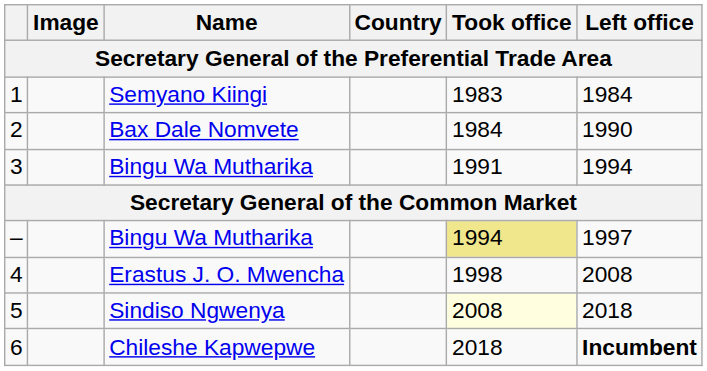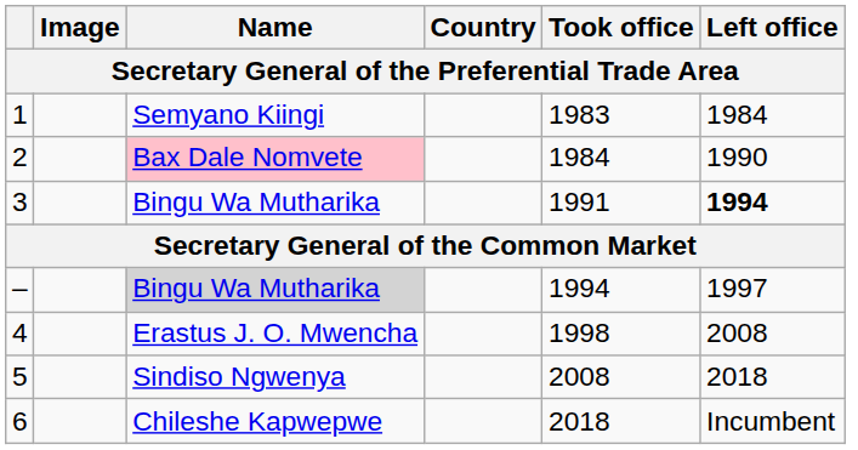 <table class="wikitable">
 <tr>
 <th></th>
 <th>Image</th>
 <th>Name</th>
 <th>Country</th>
 <th>Took office</th>
 <th>Left office</th>
 </tr>
 <tr>
 <th align=center colspan=6>Secretary General of the Preferential Trade Area</th>
 </tr>
 <tr>
 <td>1</td>
 <td></td>
 <td><a href='#'>Semyano Kiingi</a></td>
 <td></td>
 <td>1983</td>
 <td>1984</td>
 </tr>
 <tr>
 <td>2</td>
 <td></td>
-<td><a href='#'>Bax Dale Nomvete</a></td>
+<td style="background: pink;"><a href='#'>Bax Dale Nomvete</a></td>
 <td></td>
 <td>1984</td>
 <td>1990</td>
 </tr>
 <tr>
 <td>3</td>
 <td></td>
 <td><a href='#'>Bingu Wa Mutharika</a></td>
 <td></td>
 <td>1991</td>
-<td>1994</td>
+<td><strong>1994</strong></td>
 </tr>
 <tr>
 <th align=center colspan=6>Secretary General of the Common Market</th>
 </tr>
 <tr>
 <td>–</td>
 <td></td>
-<td><a href='#'>Bingu Wa Mutharika</a></td>
+<td style="background: lightgrey;"><a href='#'>Bingu Wa Mutharika</a></td>
 <td></td>
-<td style="background: khaki;">1994</td>
+<td>1994</td>
 <td>1997</td>
 </tr>
 <tr>
 <td>4</td>
 <td></td>
 <td><a href='#'>Erastus J. O. Mwencha</a></td>
 <td></td>
 <td>1998</td>
 <td>2008</td>
 </tr>
 <tr>
 <td>5</td>
 <td></td>
 <td><a href='#'>Sindiso Ngwenya</a></td>
 <td></td>
-<td style="background: lightyellow;">2008</td>
+<td>2008</td>
 <td>2018</td>
 </tr>
 <tr>
 <td>6</td>
 <td></td>
 <td><a href='#'>Chileshe Kapwepwe</a></td>
 <td></td>
 <td>2018</td>
-<td><strong>Incumbent</strong></td>
+<td>Incumbent</td>
 </tr>
 </table>
